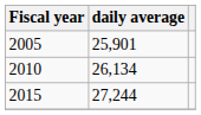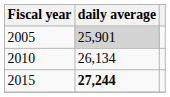 <table class="wikitable">
 <tr>
 <th>Fiscal year</th>
 <th>daily average</th>
 <th></th>
 </tr>
 <tr>
 <td>2005</td>
-<td>25,901</td>
+<td style="background: lightgrey;">25,901</td>
 <td></td>
 </tr>
 <tr>
 <td>2010</td>
 <td>26,134</td>
 <td></td>
 </tr>
 <tr>
 <td>2015</td>
-<td>27,244</td>
+<td><strong>27,244</strong></td>
 <td></td>
 </tr>
 <tr>
 </tr>
 </table>
